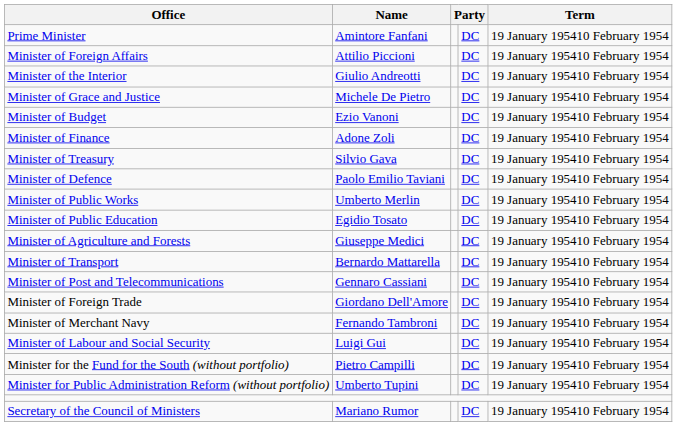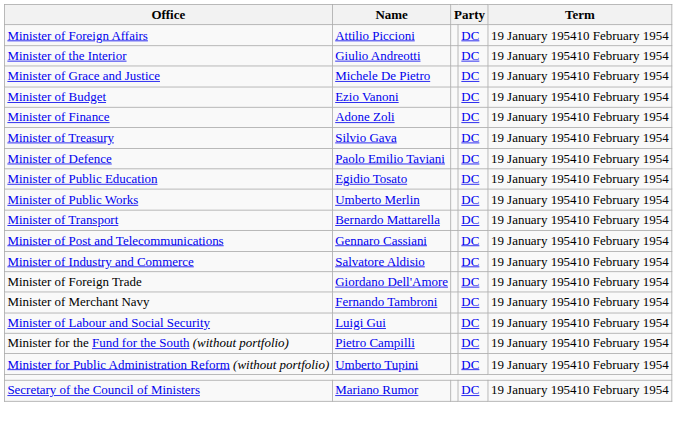 <table class="wikitable">
 <tr>
 <th>Office</th>
 <th>Name</th>
 <th colspan=2>Party</th>
 <th>Term</th>
-</tr>
-<tr>
-<td><a href='#'>Prime Minister</a></td>
-<td><a href='#'>Amintore Fanfani</a></td>
-<td></td>
-<td><a href='#'>DC</a></td>
-<td>19 January 195410 February 1954</td>
 </tr>
 <tr>
 <td><a href='#'>Minister of Foreign Affairs</a></td>
 <td><a href='#'>Attilio Piccioni</a></td>
 <td></td>
 <td><a href='#'>DC</a></td>
 <td>19 January 195410 February 1954</td>
 </tr>
 <tr>
 <td><a href='#'>Minister of the Interior</a></td>
 <td><a href='#'>Giulio Andreotti</a></td>
 <td></td>
 <td><a href='#'>DC</a></td>
 <td>19 January 195410 February 1954</td>
 </tr>
 <tr>
 <td><a href='#'>Minister of Grace and Justice</a></td>
 <td><a href='#'>Michele De Pietro</a></td>
 <td></td>
 <td><a href='#'>DC</a></td>
 <td>19 January 195410 February 1954</td>
 </tr>
 <tr>
 <td><a href='#'>Minister of Budget</a></td>
 <td><a href='#'>Ezio Vanoni</a></td>
 <td></td>
 <td><a href='#'>DC</a></td>
 <td>19 January 195410 February 1954</td>
 </tr>
 <tr>
 <td><a href='#'>Minister of Finance</a></td>
 <td><a href='#'>Adone Zoli</a></td>
 <td></td>
 <td><a href='#'>DC</a></td>
 <td>19 January 195410 February 1954</td>
 </tr>
 <tr>
 <td><a href='#'>Minister of Treasury</a></td>
 <td><a href='#'>Silvio Gava</a></td>
 <td></td>
 <td><a href='#'>DC</a></td>
 <td>19 January 195410 February 1954</td>
 </tr>
 <tr>
 <td><a href='#'>Minister of Defence</a></td>
 <td><a href='#'>Paolo Emilio Taviani</a></td>
 <td></td>
 <td><a href='#'>DC</a></td>
 <td>19 January 195410 February 1954</td>
 </tr>
 <tr>
-<td><a href='#'>Minister of Public Works</a></td>
-<td><a href='#'>Umberto Merlin</a></td>
-<td></td>
-<td><a href='#'>DC</a></td>
-<td>19 January 195410 February 1954</td>
-</tr>
-<tr>
 <td><a href='#'>Minister of Public Education</a></td>
 <td><a href='#'>Egidio Tosato</a></td>
 <td></td>
 <td><a href='#'>DC</a></td>
 <td>19 January 195410 February 1954</td>
 </tr>
 <tr>
-<td><a href='#'>Minister of Agriculture and Forests</a></td>
-<td><a href='#'>Giuseppe Medici</a></td>
+<td><a href='#'>Minister of Public Works</a></td>
+<td><a href='#'>Umberto Merlin</a></td>
 <td></td>
 <td><a href='#'>DC</a></td>
 <td>19 January 195410 February 1954</td>
 </tr>
 <tr>
 <td><a href='#'>Minister of Transport</a></td>
 <td><a href='#'>Bernardo Mattarella</a></td>
 <td></td>
 <td><a href='#'>DC</a></td>
 <td>19 January 195410 February 1954</td>
 </tr>
 <tr>
 <td><a href='#'>Minister of Post and Telecommunications</a></td>
 <td><a href='#'>Gennaro Cassiani</a></td>
+<td></td>
+<td><a href='#'>DC</a></td>
+<td>19 January 195410 February 1954</td>
+</tr>
+<tr>
+<td><a href='#'>Minister of Industry and Commerce</a></td>
+<td><a href='#'>Salvatore Aldisio</a></td>
 <td></td>
 <td><a href='#'>DC</a></td>
 <td>19 January 195410 February 1954</td>
 </tr>
 <tr>
 <td>Minister of Foreign Trade</td>
 <td><a href='#'>Giordano Dell'Amore</a></td>
 <td></td>
 <td><a href='#'>DC</a></td>
 <td>19 January 195410 February 1954</td>
 </tr>
 <tr>
 <td>Minister of Merchant Navy</td>
 <td><a href='#'>Fernando Tambroni</a></td>
 <td></td>
 <td><a href='#'>DC</a></td>
 <td>19 January 195410 February 1954</td>
 </tr>
 <tr>
 <td><a href='#'>Minister of Labour and Social Security</a></td>
 <td><a href='#'>Luigi Gui</a></td>
 <td></td>
 <td><a href='#'>DC</a></td>
 <td>19 January 195410 February 1954</td>
 </tr>
 <tr>
 <td>Minister for the <a href='#'>Fund for the South</a> <em>(without portfolio)</em></td>
 <td><a href='#'>Pietro Campilli</a></td>
 <td></td>
 <td><a href='#'>DC</a></td>
 <td>19 January 195410 February 1954</td>
 </tr>
 <tr>
 <td><a href='#'>Minister for Public Administration Reform</a> <em>(without portfolio)</em></td>
 <td><a href='#'>Umberto Tupini</a></td>
 <td></td>
 <td><a href='#'>DC</a></td>
 <td>19 January 195410 February 1954</td>
 </tr>
 <tr>
 <td colspan="5"></td>
 </tr>
 <tr>
 <td><a href='#'>Secretary of the Council of Ministers</a></td>
 <td><a href='#'>Mariano Rumor</a></td>
 <td></td>
 <td><a href='#'>DC</a></td>
 <td>19 January 195410 February 1954</td>
 </tr>
 </table>
